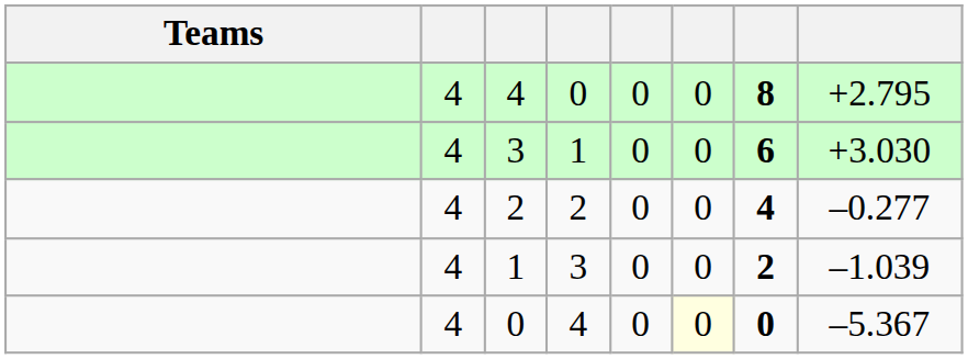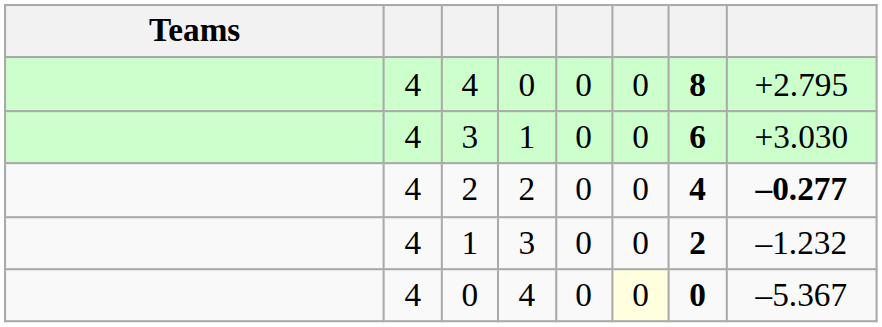 <table class="wikitable" style="text-align:center">
 <tr>
 <th style="width:175px;">Teams</th>
 <th style="width:20px;"></th>
 <th style="width:20px;"></th>
 <th style="width:20px;"></th>
 <th style="width:20px;"></th>
 <th style="width:20px;"></th>
 <th style="width:20px;"></th>
 <th style="width:65px;"></th>
 </tr>
 <tr style="background:#cfc;">
 <td style="text-align:left"></td>
 <td>4</td>
 <td>4</td>
 <td>0</td>
 <td>0</td>
 <td>0</td>
 <td><strong>8</strong></td>
 <td>+2.795</td>
 </tr>
 <tr style="background:#cfc;">
 <td style="text-align:left"></td>
 <td>4</td>
 <td>3</td>
 <td>1</td>
 <td>0</td>
 <td>0</td>
 <td><strong>6</strong></td>
 <td>+3.030</td>
 </tr>
 <tr>
 <td style="text-align:left"></td>
 <td>4</td>
 <td>2</td>
 <td>2</td>
 <td>0</td>
 <td>0</td>
 <td><strong>4</strong></td>
-<td>–0.277</td>
+<td><strong>–0.277</strong></td>
 </tr>
 <tr>
 <td style="text-align:left"></td>
 <td>4</td>
 <td>1</td>
 <td>3</td>
 <td>0</td>
 <td>0</td>
 <td><strong>2</strong></td>
-<td>–1.039</td>
+<td>–1.232</td>
 </tr>
 <tr>
 <td style="text-align:left"></td>
 <td>4</td>
 <td>0</td>
 <td>4</td>
 <td>0</td>
 <td style="background: lightyellow;">0</td>
 <td><strong>0</strong></td>
 <td>–5.367</td>
 </tr>
 </table>
